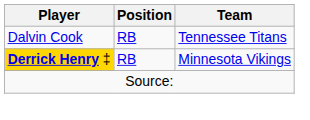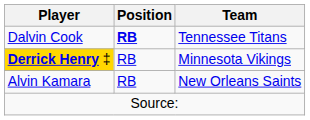 <table class="wikitable sortable">
 <tr>
 <th>Player</th>
 <th>Position</th>
 <th>Team</th>
 </tr>
 <tr>
 <td><a href='#'>Dalvin Cook</a></td>
-<td><a href='#'>RB</a></td>
+<td><strong><a href='#'>RB</a></strong></td>
 <td><a href='#'>Tennessee Titans</a></td>
 </tr>
 <tr>
 <td style="background-color:Gold; border:1px solid #aaaaaa"><strong><a href='#'>Derrick Henry</a></strong> ‡</td>
 <td><a href='#'>RB</a></td>
 <td><a href='#'>Minnesota Vikings</a></td>
 </tr>
 <tr>
+<td><a href='#'>Alvin Kamara</a></td>
+<td><a href='#'>RB</a></td>
+<td><a href='#'>New Orleans Saints</a></td>
+</tr>
+<tr>
 <td style="text-align:center;"colspan="3">Source:</td>
 </tr>
 </table>
